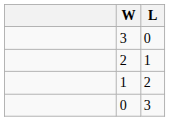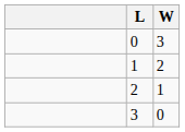 <table class="wikitable">
 <tr>
 <th width="120"></th>
+<th width="20">L</th>
 <th width="20">W</th>
-<th width="20">L</th>
 </tr>
 <tr>
 <td></td>
+<td>0</td>
 <td>3</td>
-<td>0</td>
+</tr>
+<tr>
+<td></td>
+<td>1</td>
+<td>2</td>
 </tr>
 <tr>
 <td></td>
 <td>2</td>
 <td>1</td>
 </tr>
 <tr>
 <td></td>
-<td>1</td>
-<td>2</td>
-</tr>
-<tr>
-<td></td>
+<td>3</td>
 <td>0</td>
-<td>3</td>
 </tr>
 </table>
